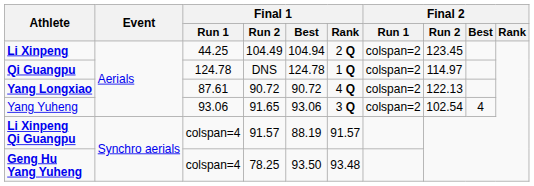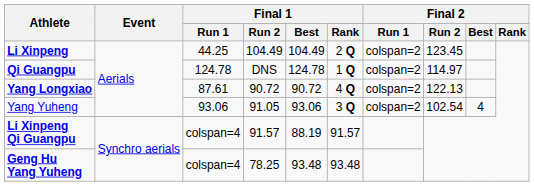 <table class=wikitable style=font-size:90%;text-align:center>
 <tr>
 <th rowspan=2>Athlete</th>
 <th rowspan=2>Event</th>
 <th colspan=4>Final 1</th>
 <th colspan=4>Final 2</th>
 </tr>
 <tr style="font-size:95%">
 <th>Run 1</th>
 <th>Run 2</th>
 <th>Best</th>
 <th>Rank</th>
 <th>Run 1</th>
 <th>Run 2</th>
 <th>Best</th>
 <th>Rank</th>
 </tr>
 <tr align=center>
 <td align=left><strong><a href='#'>Li Xinpeng</a></strong></td>
 <td align=left rowspan=4><a href='#'>Aerials</a></td>
 <td>44.25</td>
 <td>104.49</td>
-<td>104.94</td>
+<td>104.49</td>
 <td>2 <strong>Q</strong></td>
 <td>colspan=2 </td>
 <td>123.45</td>
 <td></td>
 </tr>
 <tr align=center>
 <td align=left><strong><a href='#'>Qi Guangpu</a></strong></td>
 <td>124.78</td>
 <td>DNS</td>
 <td>124.78</td>
 <td>1 <strong>Q</strong></td>
 <td>colspan=2 </td>
 <td>114.97</td>
 <td></td>
 </tr>
 <tr align=center>
 <td align=left><strong><a href='#'>Yang Longxiao</a></strong></td>
 <td>87.61</td>
 <td>90.72</td>
 <td>90.72</td>
 <td>4 <strong>Q</strong></td>
 <td>colspan=2 </td>
 <td>122.13</td>
 <td></td>
 </tr>
 <tr align=center>
 <td align=left><a href='#'>Yang Yuheng</a></td>
 <td>93.06</td>
-<td>91.65</td>
+<td>91.05</td>
 <td>93.06</td>
 <td>3 <strong>Q</strong></td>
 <td>colspan=2 </td>
 <td>102.54</td>
 <td>4</td>
 </tr>
 <tr align=center>
 <td align=left><strong><a href='#'>Li Xinpeng</a><br><a href='#'>Qi Guangpu</a></strong></td>
 <td align=left rowspan=2><a href='#'>Synchro aerials</a></td>
 <td>colspan=4 </td>
 <td>91.57</td>
 <td>88.19</td>
 <td>91.57</td>
 <td></td>
 </tr>
 <tr align=center>
 <td align=left><strong><a href='#'>Geng Hu</a><br><a href='#'>Yang Yuheng</a></strong></td>
 <td>colspan=4 </td>
 <td>78.25</td>
-<td>93.50</td>
+<td>93.48</td>
 <td>93.48</td>
 <td></td>
 </tr>
 </table>
